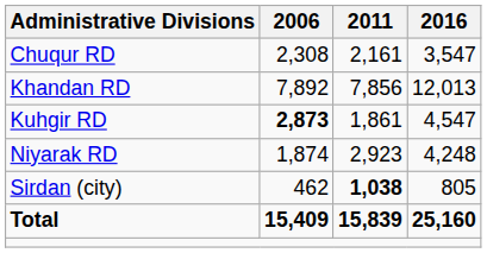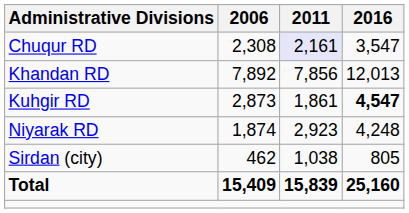 <table class="wikitable">
 <tr>
 <th>Administrative Divisions</th>
 <th>2006</th>
 <th>2011</th>
 <th>2016</th>
 </tr>
 <tr>
 <td><a href='#'>Chuqur RD</a></td>
 <td style="text-align: right;">2,308</td>
-<td style="text-align: right;">2,161</td>
+<td style="background: lavender; text-align: right;">2,161</td>
 <td style="text-align: right;">3,547</td>
 </tr>
 <tr>
 <td><a href='#'>Khandan RD</a></td>
 <td style="text-align: right;">7,892</td>
 <td style="text-align: right;">7,856</td>
 <td style="text-align: right;">12,013</td>
 </tr>
 <tr>
 <td><a href='#'>Kuhgir RD</a></td>
-<td style="text-align: right;"><strong>2,873</strong></td>
+<td style="text-align: right;">2,873</td>
 <td style="text-align: right;">1,861</td>
-<td style="text-align: right;">4,547</td>
+<td style="text-align: right;"><strong>4,547</strong></td>
 </tr>
 <tr>
 <td><a href='#'>Niyarak RD</a></td>
 <td style="text-align: right;">1,874</td>
 <td style="text-align: right;">2,923</td>
 <td style="text-align: right;">4,248</td>
 </tr>
 <tr>
 <td><a href='#'>Sirdan</a> (city)</td>
 <td style="text-align: right;">462</td>
-<td style="text-align: right;"><strong>1,038</strong></td>
+<td style="text-align: right;">1,038</td>
 <td style="text-align: right;">805</td>
 </tr>
 <tr>
 <td><strong>Total</strong></td>
 <td style="text-align: right;"><strong>15,409</strong></td>
 <td style="text-align: right;"><strong>15,839</strong></td>
 <td style="text-align: right;"><strong>25,160</strong></td>
 </tr>
 <tr>
 <td colspan=4></td>
 </tr>
 </table>
